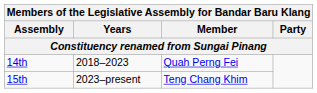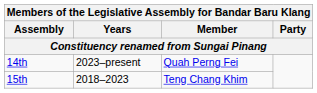 <table class=wikitable>
 <tr>
 <th colspan=4>Members of the Legislative Assembly for Bandar Baru Klang</th>
 </tr>
 <tr>
 <th>Assembly</th>
 <th>Years</th>
 <th>Member</th>
 <th>Party</th>
 </tr>
 <tr>
 <th colspan="4" align="center"><em>Constituency renamed from Sungai Pinang</em></th>
 </tr>
 <tr>
 <td><a href='#'>14th</a></td>
-<td>2018–2023</td>
+<td>2023–present</td>
 <td><a href='#'>Quah Perng Fei</a></td>
 <td rowspan="2"></td>
 </tr>
 <tr>
 <td><a href='#'>15th</a></td>
-<td>2023–present</td>
+<td>2018–2023</td>
 <td><a href='#'>Teng Chang Khim</a></td>
 </tr>
 </table>
